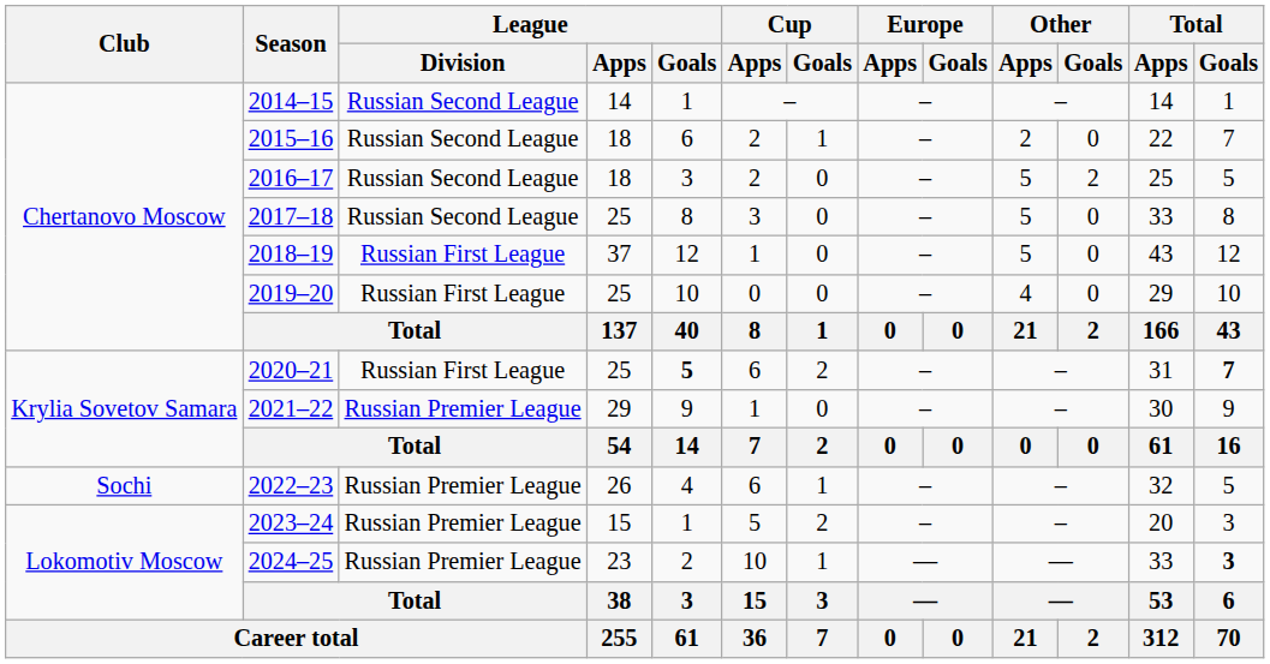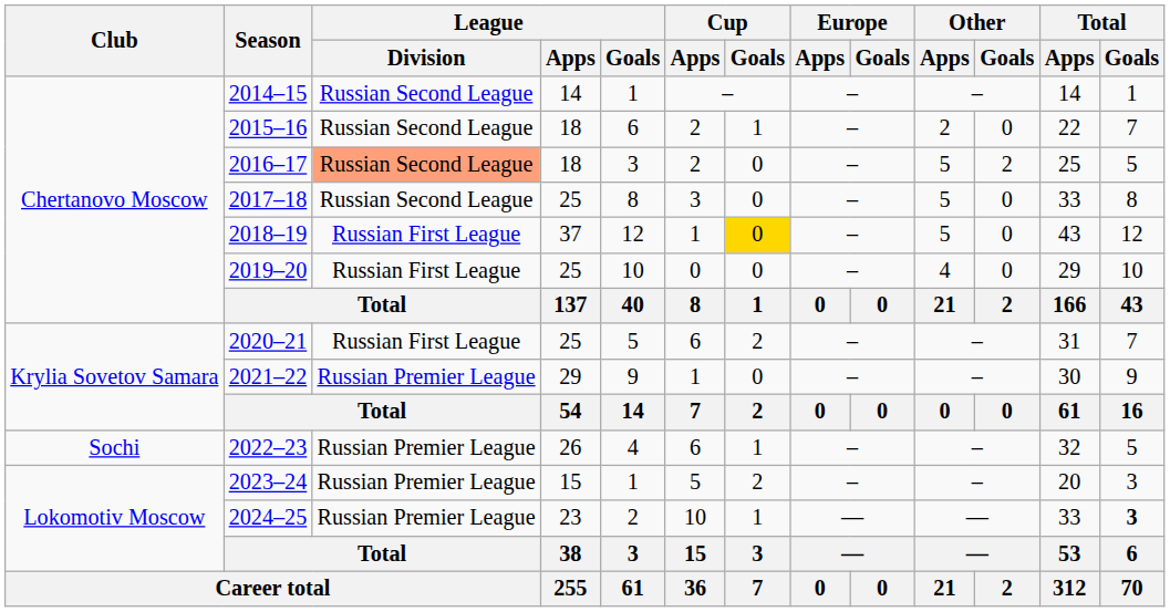 <table class="wikitable" style="text-align: center;">
 <tr>
 <th rowspan="2">Club</th>
 <th rowspan="2">Season</th>
 <th colspan="3">League</th>
 <th colspan="2">Cup</th>
 <th colspan="2">Europe</th>
 <th colspan="2">Other</th>
 <th colspan="2">Total</th>
 </tr>
 <tr>
 <th>Division</th>
 <th>Apps</th>
 <th>Goals</th>
 <th>Apps</th>
 <th>Goals</th>
 <th>Apps</th>
 <th>Goals</th>
 <th>Apps</th>
 <th>Goals</th>
 <th>Apps</th>
 <th>Goals</th>
 </tr>
 <tr>
 <td rowspan="7"><a href='#'>Chertanovo Moscow</a></td>
 <td><a href='#'>2014–15</a></td>
 <td><a href='#'>Russian Second League</a></td>
 <td>14</td>
 <td>1</td>
 <td colspan=2>–</td>
 <td colspan=2>–</td>
 <td colspan=2>–</td>
 <td>14</td>
 <td>1</td>
 </tr>
 <tr>
 <td><a href='#'>2015–16</a></td>
 <td>Russian Second League</td>
 <td>18</td>
 <td>6</td>
 <td>2</td>
 <td>1</td>
 <td colspan=2>–</td>
 <td>2</td>
 <td>0</td>
 <td>22</td>
 <td>7</td>
 </tr>
 <tr>
 <td><a href='#'>2016–17</a></td>
-<td>Russian Second League</td>
+<td style="background: lightsalmon;">Russian Second League</td>
 <td>18</td>
 <td>3</td>
 <td>2</td>
 <td>0</td>
 <td colspan=2>–</td>
 <td>5</td>
 <td>2</td>
 <td>25</td>
 <td>5</td>
 </tr>
 <tr>
 <td><a href='#'>2017–18</a></td>
 <td>Russian Second League</td>
 <td>25</td>
 <td>8</td>
 <td>3</td>
 <td>0</td>
 <td colspan=2>–</td>
 <td>5</td>
 <td>0</td>
 <td>33</td>
 <td>8</td>
 </tr>
 <tr>
 <td><a href='#'>2018–19</a></td>
 <td><a href='#'>Russian First League</a></td>
 <td>37</td>
 <td>12</td>
 <td>1</td>
-<td>0</td>
+<td style="background: gold;">0</td>
 <td colspan=2>–</td>
 <td>5</td>
 <td>0</td>
 <td>43</td>
 <td>12</td>
 </tr>
 <tr>
 <td><a href='#'>2019–20</a></td>
 <td>Russian First League</td>
 <td>25</td>
 <td>10</td>
 <td>0</td>
 <td>0</td>
 <td colspan=2>–</td>
 <td>4</td>
 <td>0</td>
 <td>29</td>
 <td>10</td>
 </tr>
 <tr>
 <th colspan=2>Total</th>
 <th>137</th>
 <th>40</th>
 <th>8</th>
 <th>1</th>
 <th>0</th>
 <th>0</th>
 <th>21</th>
 <th>2</th>
 <th>166</th>
 <th>43</th>
 </tr>
 <tr>
 <td rowspan="3"><a href='#'>Krylia Sovetov Samara</a></td>
 <td><a href='#'>2020–21</a></td>
 <td>Russian First League</td>
 <td>25</td>
-<td><strong>5</strong></td>
+<td>5</td>
 <td>6</td>
 <td>2</td>
 <td colspan=2>–</td>
 <td colspan=2>–</td>
 <td>31</td>
-<td><strong>7</strong></td>
+<td>7</td>
 </tr>
 <tr>
 <td><a href='#'>2021–22</a></td>
 <td><a href='#'>Russian Premier League</a></td>
 <td>29</td>
 <td>9</td>
 <td>1</td>
 <td>0</td>
 <td colspan=2>–</td>
 <td colspan=2>–</td>
 <td>30</td>
 <td>9</td>
 </tr>
 <tr>
 <th colspan=2>Total</th>
 <th>54</th>
 <th>14</th>
 <th>7</th>
 <th>2</th>
 <th>0</th>
 <th>0</th>
 <th>0</th>
 <th>0</th>
 <th>61</th>
 <th>16</th>
 </tr>
 <tr>
 <td><a href='#'>Sochi</a></td>
 <td><a href='#'>2022–23</a></td>
 <td>Russian Premier League</td>
 <td>26</td>
 <td>4</td>
 <td>6</td>
 <td>1</td>
 <td colspan=2>–</td>
 <td colspan=2>–</td>
 <td>32</td>
 <td>5</td>
 </tr>
 <tr>
 <td rowspan="3"><a href='#'>Lokomotiv Moscow</a></td>
 <td><a href='#'>2023–24</a></td>
 <td>Russian Premier League</td>
 <td>15</td>
 <td>1</td>
 <td>5</td>
 <td>2</td>
 <td colspan=2>–</td>
 <td colspan=2>–</td>
 <td>20</td>
 <td>3</td>
 </tr>
 <tr>
 <td><a href='#'>2024–25</a></td>
 <td>Russian Premier League</td>
 <td>23</td>
 <td>2</td>
 <td>10</td>
 <td>1</td>
 <td colspan="2">—</td>
 <td colspan="2">—</td>
 <td>33</td>
 <td><strong>3</strong></td>
 </tr>
 <tr>
 <th colspan="2">Total</th>
 <th>38</th>
 <th>3</th>
 <th>15</th>
 <th>3</th>
 <th colspan="2">—</th>
 <th colspan="2">—</th>
 <th>53</th>
 <th>6</th>
 </tr>
 <tr>
 <th colspan="3">Career total</th>
 <th>255</th>
 <th>61</th>
 <th>36</th>
 <th>7</th>
 <th>0</th>
 <th>0</th>
 <th>21</th>
 <th>2</th>
 <th>312</th>
 <th>70</th>
 </tr>
 </table>
